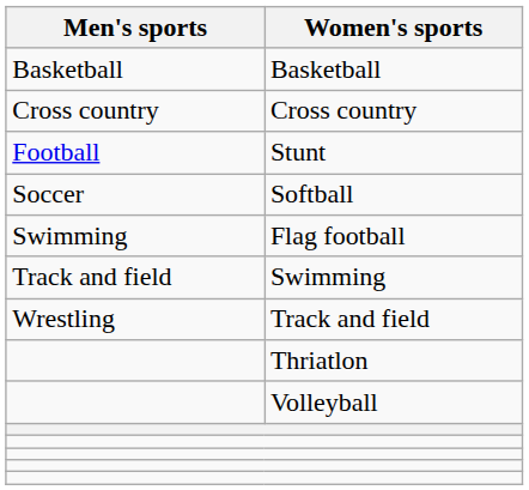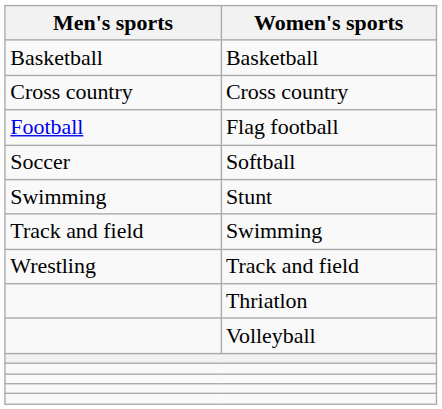 <table class="wikitable"; style="float:right; clear:right; margin-left:15px">
 <tr>
 <th width=150px>Men's sports</th>
 <th width=150px>Women's sports</th>
 </tr>
 <tr>
 <td>Basketball</td>
 <td>Basketball</td>
 </tr>
 <tr>
 <td>Cross country</td>
 <td>Cross country</td>
 </tr>
 <tr>
 <td><a href='#'>Football</a></td>
-<td>Stunt</td>
+<td>Flag football</td>
 </tr>
 <tr>
 <td>Soccer</td>
 <td>Softball</td>
 </tr>
 <tr>
 <td>Swimming</td>
-<td>Flag football</td>
+<td>Stunt</td>
 </tr>
 <tr>
 <td>Track and field</td>
 <td>Swimming</td>
 </tr>
 <tr>
 <td>Wrestling</td>
 <td>Track and field </td>
 </tr>
 <tr>
 <td></td>
 <td>Thriatlon</td>
 </tr>
 <tr>
 <td></td>
 <td>Volleyball</td>
 </tr>
 <tr>
 <th colspan=2></th>
 </tr>
 <tr>
 <td colspan=2></td>
 </tr>
 <tr>
 <td colspan=2></td>
 </tr>
 <tr>
 <td colspan=2></td>
 </tr>
 <tr>
 <td colspan=2></td>
 </tr>
 </table>
